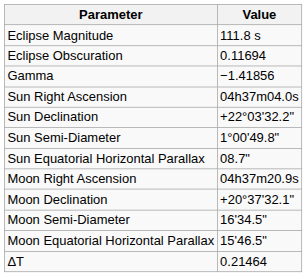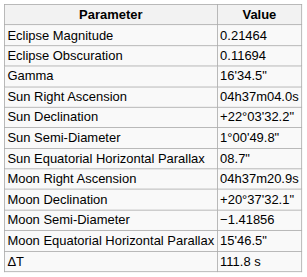 <table class="wikitable">
 <tr>
 <th>Parameter</th>
 <th>Value</th>
 </tr>
 <tr>
 <td>Eclipse Magnitude</td>
-<td>111.8 s</td>
+<td>0.21464</td>
 </tr>
 <tr>
 <td>Eclipse Obscuration</td>
 <td>0.11694</td>
 </tr>
 <tr>
 <td>Gamma</td>
-<td>−1.41856</td>
+<td>16'34.5"</td>
 </tr>
 <tr>
 <td>Sun Right Ascension</td>
 <td>04h37m04.0s</td>
 </tr>
 <tr>
 <td>Sun Declination</td>
 <td>+22°03'32.2"</td>
 </tr>
 <tr>
 <td>Sun Semi-Diameter</td>
 <td>1°00'49.8"</td>
 </tr>
 <tr>
 <td>Sun Equatorial Horizontal Parallax</td>
 <td>08.7"</td>
 </tr>
 <tr>
 <td>Moon Right Ascension</td>
 <td>04h37m20.9s</td>
 </tr>
 <tr>
 <td>Moon Declination</td>
 <td>+20°37'32.1"</td>
 </tr>
 <tr>
 <td>Moon Semi-Diameter</td>
-<td>16'34.5"</td>
+<td>−1.41856</td>
 </tr>
 <tr>
 <td>Moon Equatorial Horizontal Parallax</td>
 <td>15'46.5"</td>
 </tr>
 <tr>
 <td>ΔT</td>
-<td>0.21464</td>
+<td>111.8 s</td>
 </tr>
 </table>
